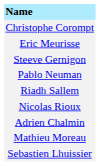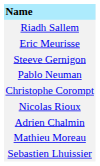 <table border=0 cellpadding=2 cellspacing=0  |- bgcolor=#F2F2F2 style="text-align:center; font-size:90%;">
 <tr bgcolor=#ADEBFD>
 <th align=left>Name</th>
 </tr>
 <tr>
-<td><a href='#'>Christophe Corompt</a></td>
+<td><a href='#'>Riadh Sallem</a></td>
 </tr>
 <tr>
 <td><a href='#'>Eric Meurisse</a></td>
 </tr>
 <tr>
 <td><a href='#'>Steeve Gernigon</a></td>
 </tr>
 <tr>
 <td><a href='#'>Pablo Neuman</a></td>
 </tr>
 <tr>
-<td><a href='#'>Riadh Sallem</a></td>
+<td><a href='#'>Christophe Corompt</a></td>
 </tr>
 <tr>
 <td><a href='#'>Nicolas Rioux</a></td>
 </tr>
 <tr>
 <td><a href='#'>Adrien Chalmin</a></td>
 </tr>
 <tr>
 <td><a href='#'>Mathieu Moreau</a></td>
 </tr>
 <tr>
 <td><a href='#'>Sebastien Lhuissier</a></td>
 </tr>
 </table>
